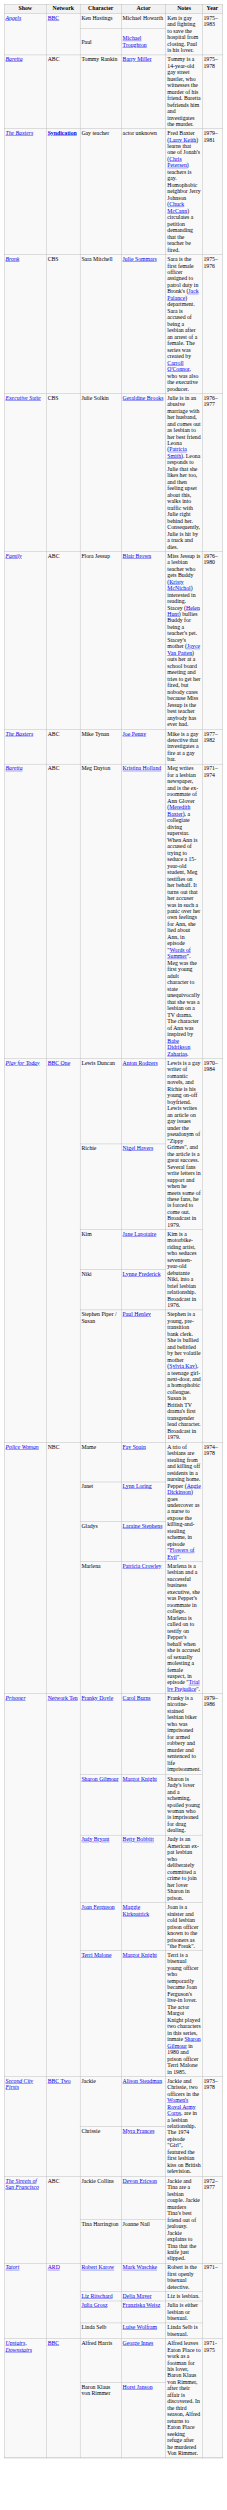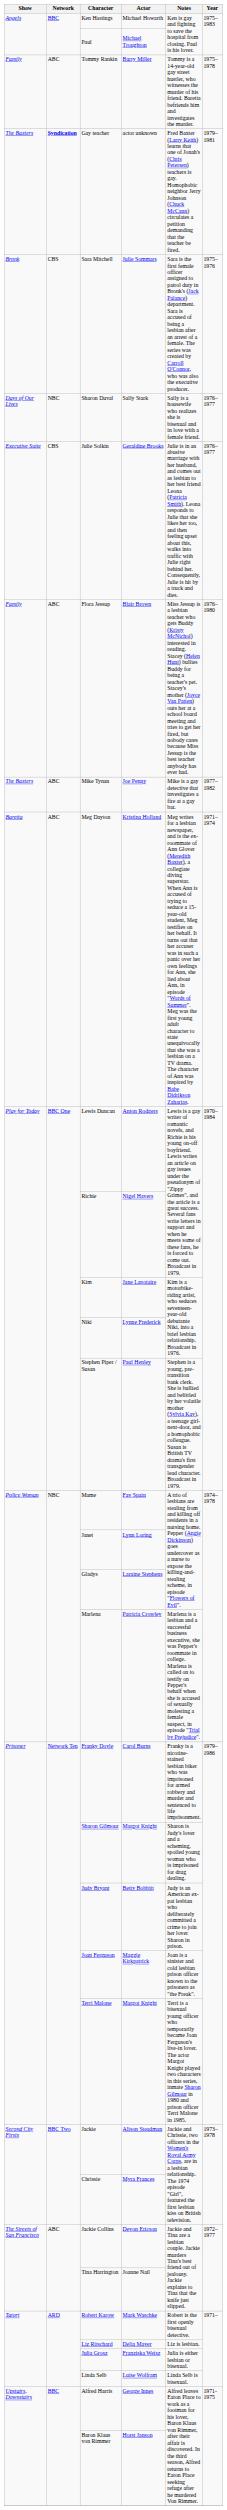 <table class="sortable wikitable" style="margins:auto; width=100%;">
 <tr>
 <th style="width:200px;">Show</th>
 <th style="width:100px;">Network</th>
 <th style="width:200px;">Character</th>
 <th style="width:225px;">Actor</th>
 <th>Notes</th>
 <th style="width:75px;">Year</th>
 </tr>
 <tr valign="top">
 <td rowspan="2"><em><a href='#'>Angels</a></em></td>
 <td rowspan="2"><a href='#'>BBC</a></td>
 <td>Ken Hastings</td>
 <td>Michael Howarth</td>
 <td rowspan="2">Ken is gay and fighting to save the hospital from closing. Paul is his lover.</td>
 <td rowspan="2">1975–1983</td>
 </tr>
 <tr>
 <td>Paul</td>
 <td><a href='#'>Michael Troughton</a></td>
 </tr>
 <tr valign="top">
-<td><em><a href='#'>Baretta</a></em></td>
+<td><em><a href='#'>Family</a></em></td>
 <td>ABC</td>
 <td>Tommy Rankin</td>
 <td><a href='#'>Barry Miller</a></td>
 <td>Tommy is a 14-year-old gay street hustler, who witnesses the murder of his friend. Baretta befriends him and investigates the murder.</td>
 <td>1975–1978</td>
 </tr>
 <tr valign="top">
 <td><em><a href='#'>The Baxters</a></em></td>
 <td><strong><a href='#'>Syndication</a></strong></td>
 <td>Gay teacher</td>
 <td>actor unknown</td>
 <td>Fred Baxter (<a href='#'>Larry Keith</a>) learns that one of Jonah's (<a href='#'>Chris Petersen</a>) teachers is gay. Homophobic neighbor Jerry Johnson (<a href='#'>Chuck McCann</a>) circulates a petition demanding that the teacher be fired.</td>
 <td>1979–1981</td>
 </tr>
 <tr valign="top">
 <td><em><a href='#'>Bronk</a></em></td>
 <td>CBS</td>
 <td>Sara Mitchell</td>
 <td><a href='#'>Julie Sommars</a></td>
 <td>Sara is the first female officer assigned to patrol duty in Bronk's (<a href='#'>Jack Palance</a>) department. Sara is accused of being a lesbian after an arrest of a female. The series was created by <a href='#'>Carroll O'Connor</a>, who was also the executive producer.</td>
 <td>1975–1976</td>
+</tr>
+<tr valign="top">
+<td><em><a href='#'>Days of Our Lives</a></em></td>
+<td>NBC</td>
+<td>Sharon Duval</td>
+<td>Sally Stark</td>
+<td>Sally is a housewife who realizes she is bisexual and in love with a female friend. </td>
+<td>1976–1977</td>
 </tr>
 <tr valign="top">
 <td><em><a href='#'>Executive Suite</a></em></td>
 <td>CBS</td>
 <td>Julie Solkin</td>
 <td><a href='#'>Geraldine Brooks</a></td>
 <td>Julie is in an abusive marriage with her husband, and comes out as lesbian to her best friend Leona (<a href='#'>Patricia Smith</a>). Leona responds to Julie that she likes her too, and then feeling upset about this, walks into traffic with Julie right behind her. Consequently, Julie is hit by a truck and dies.</td>
 <td>1976–1977</td>
 </tr>
 <tr valign="top">
 <td><em><a href='#'>Family</a></em></td>
 <td>ABC</td>
 <td>Flora Jessup</td>
 <td><a href='#'>Blair Brown</a></td>
 <td>Miss Jessup is a lesbian teacher who gets Buddy (<a href='#'>Kristy McNichol</a>) interested in reading. Stacey (<a href='#'>Helen Hunt</a>) bullies Buddy for being a teacher's pet. Stacey's mother (<a href='#'>Joyce Van Patten</a>) outs her at a school board meeting and tries to get her fired, but nobody cares because Miss Jessup is the best teacher anybody has ever had.</td>
 <td>1976–1980</td>
 </tr>
 <tr valign="top">
 <td><em><a href='#'>The Baxters</a></em></td>
 <td>ABC</td>
 <td>Mike Tynan</td>
 <td><a href='#'>Joe Penny</a></td>
 <td>Mike is a gay detective that investigates a fire at a gay bar.</td>
 <td>1977–1982</td>
 </tr>
 <tr valign="top">
 <td><em><a href='#'>Baretta</a></em></td>
 <td>ABC</td>
 <td>Meg Dayton</td>
 <td><a href='#'>Kristina Holland</a></td>
 <td>Meg writes for a lesbian newspaper, and is the ex-roommate of Ann Glover (<a href='#'>Meredith Baxter</a>), a collegiate diving superstar. When Ann is accused of trying to seduce a 15-year-old student, Meg testifies on her behalf. It turns out that her accuser was in such a panic over her own feelings for Ann, she lied about Ann, in episode "<a href='#'>Words of Summer</a>". Meg was the first young adult character to state unequivocally that she was a lesbian on a TV drama. The character of Ann was inspired by <a href='#'>Babe Didrikson Zaharias</a>.</td>
 <td>1971–1974</td>
 </tr>
 <tr valign="top">
 <td rowspan="5"><em><a href='#'>Play for Today</a></em></td>
 <td rowspan="5"><a href='#'>BBC One</a></td>
 <td>Lewis Duncan</td>
 <td><a href='#'>Anton Rodgers</a></td>
 <td rowspan="2">Lewis is a gay writer of romantic novels, and Richie is his young on-off boyfriend. Lewis writes an article on gay issues under the pseudonym of "Zippy Grimes", and the article is a great success. Several fans write letters in support and when he meets some of these fans, he is forced to come out. Broadcast in 1979.</td>
 <td rowspan="5">1970–1984</td>
 </tr>
 <tr valign="top">
 <td>Richie</td>
 <td><a href='#'>Nigel Havers</a></td>
 </tr>
 <tr valign="top">
 <td>Kim</td>
 <td><a href='#'>Jane Lapotaire</a></td>
 <td rowspan="2">Kim is a motorbike-riding artist, who seduces seventeen-year-old debutante Niki, into a brief lesbian relationship. Broadcast in 1976.</td>
 </tr>
 <tr valign="top">
 <td>Niki</td>
 <td><a href='#'>Lynne Frederick</a></td>
 </tr>
 <tr valign="top">
 <td>Stephen Piper / Susan</td>
 <td><a href='#'>Paul Henley</a></td>
 <td>Stephen is a young, pre-transition bank clerk. She is bullied and belittled by her volatile mother (<a href='#'>Sylvia Kay</a>), a teenage girl-next-door, and a homophobic colleague. Susan is British TV drama's first transgender lead character. Broadcast in 1979.</td>
 </tr>
 <tr valign="top">
 <td rowspan="4"><em><a href='#'>Police Woman</a></em></td>
 <td rowspan="4">NBC</td>
 <td>Mame</td>
 <td><a href='#'>Fay Spain</a></td>
 <td rowspan="3">A trio of lesbians are stealing from and killing off residents in a nursing home. Pepper (<a href='#'>Angie Dickinson</a>) goes undercover as a nurse to expose the killing-and-stealing scheme, in episode "<a href='#'>Flowers of Evil</a>".</td>
 <td rowspan="4">1974–1978</td>
 </tr>
 <tr valign="top">
 <td>Janet</td>
 <td><a href='#'>Lynn Loring</a></td>
 </tr>
 <tr valign="top">
 <td>Gladys</td>
 <td><a href='#'>Laraine Stephens</a></td>
 </tr>
 <tr valign="top">
 <td>Marlena</td>
 <td><a href='#'>Patricia Crowley</a></td>
 <td>Marlena is a lesbian and a successful business executive, she was Pepper's roommate in college. Marlena is called on to testify on Pepper's behalf when she is accused of sexually molesting a female suspect, in episode "<a href='#'>Trial by Prejudice</a>".</td>
 </tr>
 <tr valign="top">
 <td rowspan="5"><em><a href='#'>Prisoner</a></em></td>
 <td rowspan="5"><a href='#'>Network Ten</a></td>
 <td><a href='#'>Franky Doyle</a></td>
 <td><a href='#'>Carol Burns</a></td>
 <td>Franky is a nicotine-stained lesbian biker who was imprisoned for armed robbery and murder and sentenced to life imprisonment.</td>
 <td rowspan="5">1979–1986</td>
 </tr>
 <tr valign="top">
 <td><a href='#'>Sharon Gilmour</a></td>
 <td><a href='#'>Margot Knight</a></td>
 <td>Sharon is Judy's lover and a scheming, spoiled young woman who is imprisoned for drug dealing.</td>
 </tr>
 <tr valign="top">
 <td><a href='#'>Judy Bryant</a></td>
 <td><a href='#'>Betty Bobbitt</a></td>
 <td>Judy is an American ex-pat lesbian who deliberately committed a crime to join her lover Sharon in prison.</td>
 </tr>
 <tr valign="top">
 <td><a href='#'>Joan Ferguson</a></td>
 <td><a href='#'>Maggie Kirkpatrick</a></td>
 <td>Joan is a sinister and cold lesbian prison officer known to the prisoners as "the Freak".</td>
 </tr>
 <tr valign="top">
 <td><a href='#'>Terri Malone</a></td>
 <td><a href='#'>Margot Knight</a></td>
 <td>Terri is a bisexual young officer who temporarily became Joan Ferguson's live-in lover. The actor Margot Knight played two characters in this series, inmate <a href='#'>Sharon Gilmour</a> in 1980 and prison officer Terri Malone in 1985.</td>
 </tr>
 <tr valign="top">
 <td rowspan="2"><em><a href='#'>Second City Firsts</a></em></td>
 <td rowspan="2"><a href='#'>BBC Two</a></td>
 <td>Jackie</td>
 <td><a href='#'>Alison Steadman</a></td>
 <td rowspan="2">Jackie and Chrissie, two officers in the <a href='#'>Women's Royal Army Corps</a>, are in a lesbian relationship. The 1974 episode "Girl", featured the first lesbian kiss on British television.</td>
 <td rowspan="2">1973–1978</td>
 </tr>
 <tr valign="top">
 <td>Chrissie</td>
 <td><a href='#'>Myra Frances</a></td>
 </tr>
 <tr valign="top">
 <td rowspan="2"><em><a href='#'>The Streets of San Francisco</a></em></td>
 <td rowspan="2">ABC</td>
 <td>Jackie Collins</td>
 <td><a href='#'>Devon Ericson</a></td>
 <td rowspan="2">Jackie and Tina are a lesbian couple. Jackie murders Tina's best friend out of jealousy. Jackie explains to Tina that the knife just slipped.</td>
 <td rowspan="2">1972–1977</td>
 </tr>
 <tr valign="top">
 <td>Tina Harrington</td>
 <td>Joanne Nail</td>
 </tr>
 <tr valign="top">
 <td rowspan="4"><em><a href='#'>Tatort</a></em></td>
 <td rowspan="4"><a href='#'>ARD</a></td>
 <td><a href='#'>Robert Karow</a></td>
 <td><a href='#'>Mark Waschke</a></td>
 <td>Robert is the first openly bisexual detective.</td>
 <td rowspan="4">1971–</td>
 </tr>
 <tr valign="top">
 <td><a href='#'>Liz Ritschard</a></td>
 <td><a href='#'>Delia Mayer</a></td>
 <td>Liz is lesbian.</td>
 </tr>
 <tr valign="top">
 <td><a href='#'>Julia Grosz</a></td>
 <td><a href='#'>Franziska Weisz</a></td>
 <td>Julia is either lesbian or bisexual.</td>
 </tr>
 <tr valign="top">
 <td>Linda Selb</td>
 <td><a href='#'>Luise Wolfram</a></td>
 <td>Linda Selb is bisexual.</td>
 </tr>
 <tr valign="top">
 <td rowspan="2"><em><a href='#'>Upstairs, Downstairs</a></em></td>
 <td rowspan="2"><a href='#'>BBC</a></td>
 <td>Alfred Harris</td>
 <td><a href='#'>George Innes</a></td>
 <td rowspan="2">Alfred leaves Eaton Place to work as a footman for his lover, Baron Klaus von Rimmer, after their affair is discovered. In the third season, Alfred returns to Eaton Place seeking refuge after he murdered Von Rimmer.</td>
 <td rowspan="2">1971-1975</td>
 </tr>
 <tr valign="top">
 <td>Baron Klaus von Rimmer</td>
 <td><a href='#'>Horst Janson</a></td>
 </tr>
 <tr valign="top">
 </tr>
 </table>
